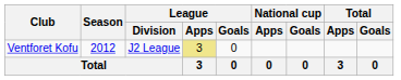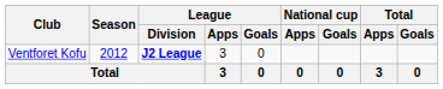 <table class="wikitable" style="text-align:center">
 <tr>
 <th rowspan="2">Club</th>
 <th rowspan="2">Season</th>
 <th colspan="3">League</th>
 <th colspan="2">National cup</th>
 <th colspan="2">Total</th>
 </tr>
 <tr>
 <th>Division</th>
 <th>Apps</th>
 <th>Goals</th>
 <th>Apps</th>
 <th>Goals</th>
 <th>Apps</th>
 <th>Goals</th>
 </tr>
 <tr>
 <td><a href='#'>Ventforet Kofu</a></td>
 <td><a href='#'>2012</a></td>
-<td><a href='#'>J2 League</a></td>
-<td style="background: khaki;">3</td>
+<td><strong><a href='#'>J2 League</a></strong></td>
+<td>3</td>
 <td>0</td>
 <td></td>
 <td></td>
 <td></td>
 <td></td>
 </tr>
 <tr>
 <th colspan="3">Total</th>
 <th>3</th>
 <th>0</th>
 <th>0</th>
 <th>0</th>
 <th>3</th>
 <th>0</th>
 </tr>
 </table>
